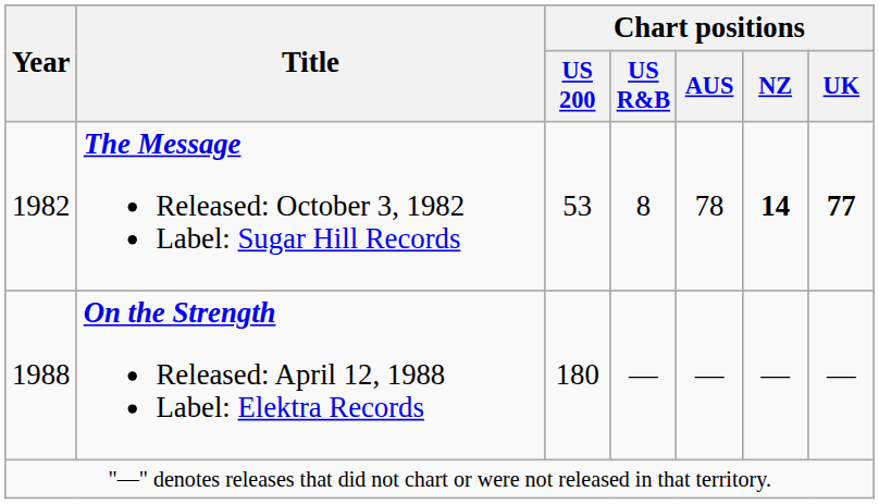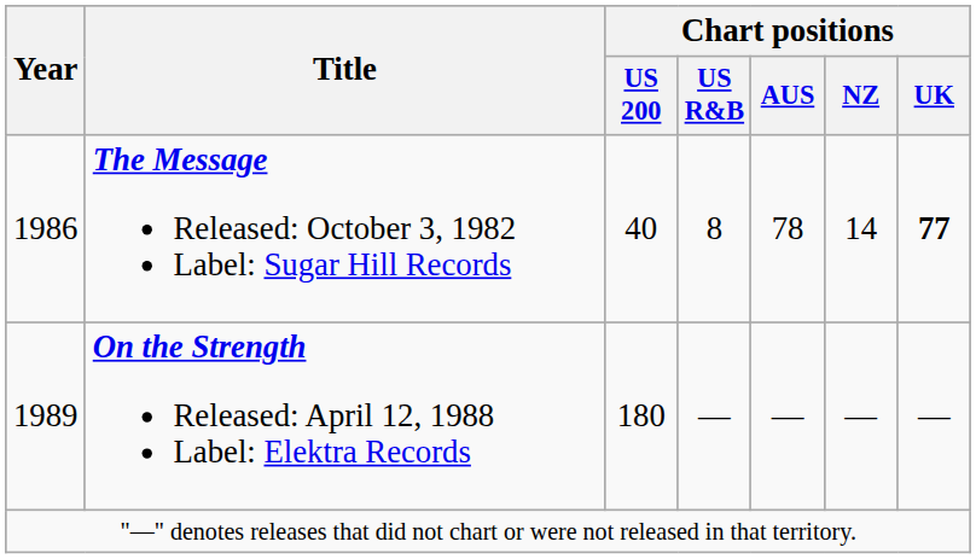 <table class="wikitable" style=text-align:center;>
 <tr>
 <th rowspan="2">Year</th>
 <th rowspan="2" width="250">Title</th>
 <th colspan="5">Chart positions</th>
 </tr>
 <tr style="font-size:smaller;">
 <th width="30"><a href='#'>US 200</a><br></th>
 <th width="30"><a href='#'>US R&B</a><br></th>
 <th width="30"><a href='#'>AUS</a><br></th>
 <th width="30"><a href='#'>NZ</a><br></th>
 <th width="30"><a href='#'>UK</a><br></th>
 </tr>
 <tr>
-<td>1982</td>
+<td>1986</td>
 <td align=left><strong><em><a href='#'>The Message</a></em></strong><br><ul><li>Released: October 3, 1982</li><li>Label: <a href='#'>Sugar Hill Records</a></li></ul></td>
-<td>53</td>
+<td>40</td>
 <td>8</td>
 <td>78</td>
-<td><strong>14</strong></td>
+<td>14</td>
 <td><strong>77</strong></td>
 </tr>
 <tr>
-<td>1988</td>
+<td>1989</td>
 <td align=left><strong><em><a href='#'>On the Strength</a></em></strong><br><ul><li>Released: April 12, 1988</li><li>Label: <a href='#'>Elektra Records</a></li></ul></td>
 <td>180</td>
 <td>—</td>
 <td>—</td>
 <td>—</td>
 <td>—</td>
 </tr>
 <tr>
 <td colspan="7" style="text-align:center; font-size:9pt;">"—" denotes releases that did not chart or were not released in that territory.</td>
 </tr>
 </table>
